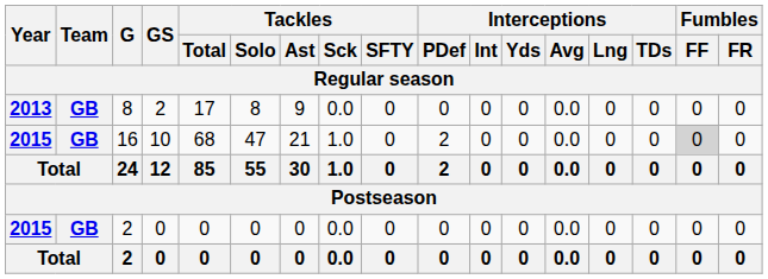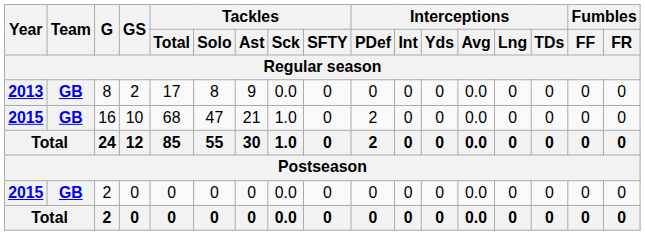 <table class="wikitable" style="text-align: center;">
 <tr>
 <th rowspan=2>Year</th>
 <th rowspan=2>Team</th>
 <th rowspan=2>G</th>
 <th rowspan=2>GS</th>
 <th colspan=5>Tackles</th>
 <th colspan=6>Interceptions</th>
 <th colspan=2>Fumbles</th>
 </tr>
 <tr>
 <th>Total</th>
 <th>Solo</th>
 <th>Ast</th>
 <th>Sck</th>
 <th>SFTY</th>
 <th>PDef</th>
 <th>Int</th>
 <th>Yds</th>
 <th>Avg</th>
 <th>Lng</th>
 <th>TDs</th>
 <th>FF</th>
 <th>FR</th>
 </tr>
 <tr>
 <th colspan=17><strong>Regular season</strong></th>
 </tr>
 <tr>
 <th><a href='#'>2013</a></th>
 <th><a href='#'>GB</a></th>
 <td>8</td>
 <td>2</td>
 <td>17</td>
 <td>8</td>
 <td>9</td>
 <td>0.0</td>
 <td>0</td>
 <td>0</td>
 <td>0</td>
 <td>0</td>
 <td>0.0</td>
 <td>0</td>
 <td>0</td>
 <td>0</td>
 <td>0</td>
 </tr>
 <tr>
 <th><a href='#'>2015</a></th>
 <th><a href='#'>GB</a></th>
 <td>16</td>
 <td>10</td>
 <td>68</td>
 <td>47</td>
 <td>21</td>
 <td>1.0</td>
 <td>0</td>
 <td>2</td>
 <td>0</td>
 <td>0</td>
 <td>0.0</td>
 <td>0</td>
 <td>0</td>
-<td style="background: lightgrey;">0</td>
+<td>0</td>
 <td>0</td>
 </tr>
 <tr>
 <th colspan=2>Total</th>
 <th>24</th>
 <th>12</th>
 <th>85</th>
 <th>55</th>
 <th>30</th>
 <th>1.0</th>
 <th>0</th>
 <th>2</th>
 <th>0</th>
 <th>0</th>
 <th>0.0</th>
 <th>0</th>
 <th>0</th>
 <th>0</th>
 <th>0</th>
 </tr>
 <tr>
 <th colspan=17><strong>Postseason</strong></th>
 </tr>
 <tr>
 <th><a href='#'>2015</a></th>
 <th><a href='#'>GB</a></th>
 <td>2</td>
 <td>0</td>
 <td>0</td>
 <td>0</td>
 <td>0</td>
 <td>0.0</td>
 <td>0</td>
 <td>0</td>
 <td>0</td>
 <td>0</td>
 <td>0.0</td>
 <td>0</td>
 <td>0</td>
 <td>0</td>
 <td>0</td>
 </tr>
 <tr>
 <th colspan=2>Total</th>
 <th>2</th>
 <th>0</th>
 <th>0</th>
 <th>0</th>
 <th>0</th>
 <th>0.0</th>
 <th>0</th>
 <th>0</th>
 <th>0</th>
 <th>0</th>
 <th>0.0</th>
 <th>0</th>
 <th>0</th>
 <th>0</th>
 <th>0</th>
 </tr>
 </table>
